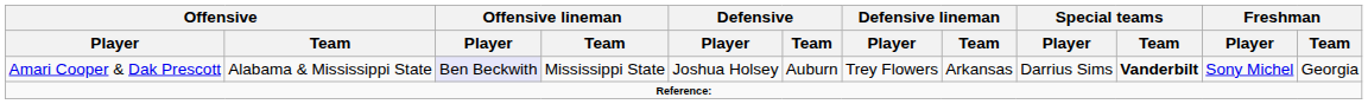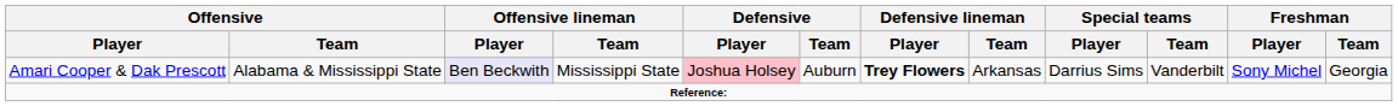 <table class="wikitable" border="1">
 <tr>
 <th colspan="2">Offensive</th>
 <th colspan="2">Offensive lineman</th>
 <th colspan="2">Defensive</th>
 <th colspan="2">Defensive lineman</th>
 <th colspan="2">Special teams</th>
 <th colspan="2">Freshman</th>
 </tr>
 <tr>
 <th>Player</th>
 <th>Team</th>
 <th>Player</th>
 <th>Team</th>
 <th>Player</th>
 <th>Team</th>
 <th>Player</th>
 <th>Team</th>
 <th>Player</th>
 <th>Team</th>
 <th>Player</th>
 <th>Team</th>
 </tr>
 <tr>
 <td><a href='#'>Amari Cooper</a> & <a href='#'>Dak Prescott</a></td>
 <td>Alabama & Mississippi State</td>
 <td style="background: lavender;">Ben Beckwith</td>
 <td>Mississippi State</td>
-<td>Joshua Holsey</td>
+<td style="background: pink;">Joshua Holsey</td>
 <td>Auburn</td>
-<td>Trey Flowers</td>
+<td><strong>Trey Flowers</strong></td>
 <td>Arkansas</td>
 <td>Darrius Sims</td>
-<td><strong>Vanderbilt</strong></td>
+<td>Vanderbilt</td>
 <td><a href='#'>Sony Michel</a></td>
 <td>Georgia</td>
 </tr>
 <tr>
 <td colspan="12" style="font-size: 8pt" align="center"><strong>Reference:</strong></td>
 </tr>
 </table>
